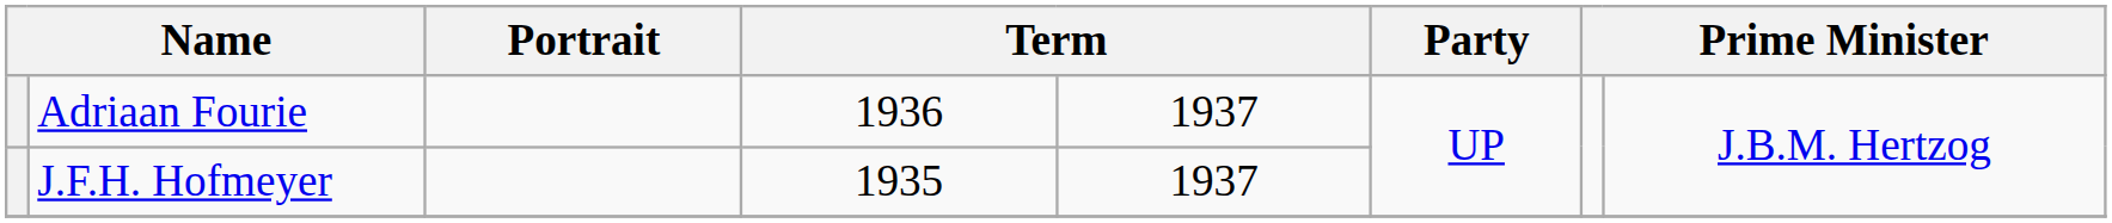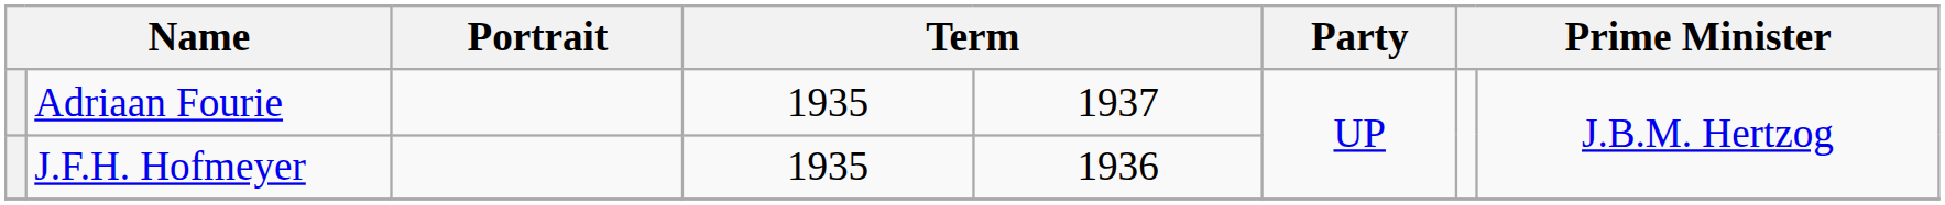 <table class="wikitable" width=60%>
 <tr>
 <th colspan=2 width=20%>Name</th>
 <th width=75>Portrait</th>
 <th colspan=2 width=30%>Term</th>
 <th width=10%>Party</th>
 <th colspan=2 width=25%>Prime Minister</th>
 </tr>
 <tr style="text-align:center">
 <th style="width:1%;background-color: "></th>
 <td align=left><a href='#'>Adriaan Fourie</a></td>
 <td></td>
-<td>1936</td>
+<td>1935</td>
 <td>1937</td>
 <td rowspan=2><a href='#'>UP</a></td>
 <td rowspan=2 style="width:1%;background-color: "></td>
 <td rowspan=2><a href='#'>J.B.M. Hertzog</a><br> </td>
 </tr>
 <tr style="text-align:center">
 <th style="width:1%;background-color: "></th>
 <td align=left><a href='#'>J.F.H. Hofmeyer</a></td>
 <td></td>
 <td>1935</td>
-<td>1937</td>
+<td>1936</td>
 </tr>
 <tr>
 </tr>
 </table>
